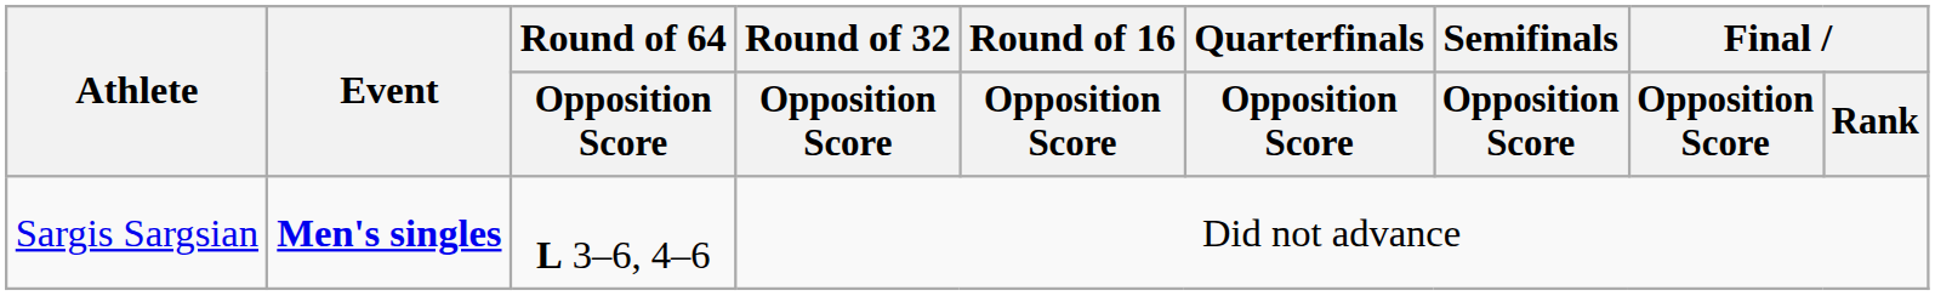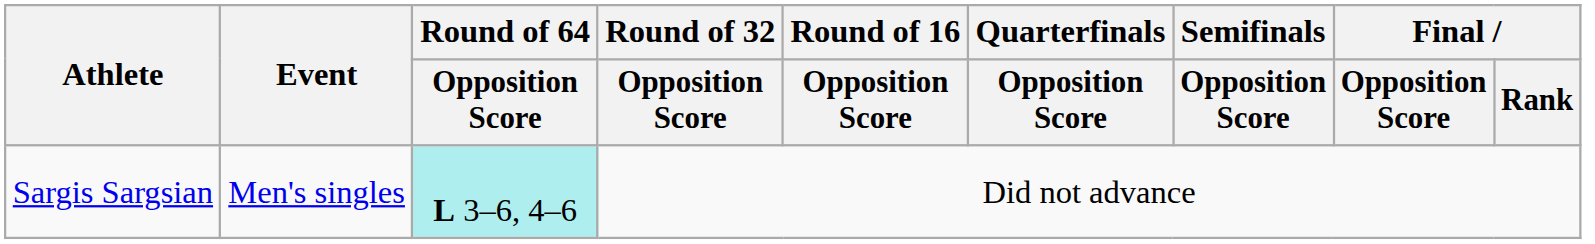 <table class=wikitable style="font-size:90%">
 <tr>
 <th rowspan="2">Athlete</th>
 <th rowspan="2">Event</th>
 <th>Round of 64</th>
 <th>Round of 32</th>
 <th>Round of 16</th>
 <th>Quarterfinals</th>
 <th>Semifinals</th>
 <th colspan=2>Final / </th>
 </tr>
 <tr style="font-size:95%">
 <th>Opposition<br>Score</th>
 <th>Opposition<br>Score</th>
 <th>Opposition<br>Score</th>
 <th>Opposition<br>Score</th>
 <th>Opposition<br>Score</th>
 <th>Opposition<br>Score</th>
 <th>Rank</th>
 </tr>
 <tr align=center>
 <td align=left><a href='#'>Sargis Sargsian</a></td>
-<td align=left><strong><a href='#'>Men's singles</a></strong></td>
-<td><br><strong>L</strong> 3–6, 4–6</td>
+<td align=left><a href='#'>Men's singles</a></td>
+<td style="background: paleturquoise;"><br><strong>L</strong> 3–6, 4–6</td>
 <td colspan=6>Did not advance</td>
 </tr>
 </table>
